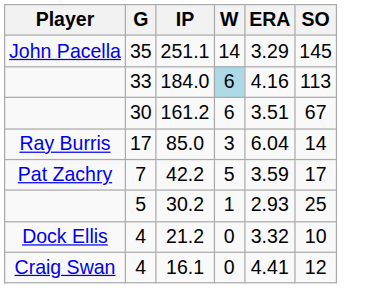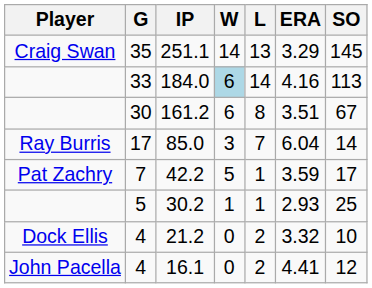 <table class="wikitable sortable">
 <tr>
 <th>Player</th>
 <th>G</th>
 <th>IP</th>
 <th>W</th>
+<th>L</th>
 <th>ERA</th>
 <th>SO</th>
 </tr>
 <tr style="text-align:center;">
-<td><a href='#'>John Pacella</a></td>
+<td><a href='#'>Craig Swan</a></td>
 <td>35</td>
 <td>251.1</td>
 <td>14</td>
+<td>13</td>
 <td>3.29</td>
 <td>145</td>
 </tr>
 <tr align=center>
 <td></td>
 <td>33</td>
 <td>184.0</td>
 <td style="background: lightblue;">6</td>
+<td>14</td>
 <td>4.16</td>
 <td>113</td>
 </tr>
 <tr style="text-align:center;">
 <td></td>
 <td>30</td>
 <td>161.2</td>
 <td>6</td>
+<td>8</td>
 <td>3.51</td>
 <td>67</td>
 </tr>
 <tr style="text-align:center;">
 <td><a href='#'>Ray Burris</a></td>
 <td>17</td>
 <td>85.0</td>
 <td>3</td>
+<td>7</td>
 <td>6.04</td>
 <td>14</td>
 </tr>
 <tr align=center>
 <td><a href='#'>Pat Zachry</a></td>
 <td>7</td>
 <td>42.2</td>
 <td>5</td>
+<td>1</td>
 <td>3.59</td>
 <td>17</td>
 </tr>
 <tr align=center>
 <td></td>
 <td>5</td>
 <td>30.2</td>
+<td>1</td>
 <td>1</td>
 <td>2.93</td>
 <td>25</td>
 </tr>
 <tr align=center>
 <td><a href='#'>Dock Ellis</a></td>
 <td>4</td>
 <td>21.2</td>
 <td>0</td>
+<td>2</td>
 <td>3.32</td>
 <td>10</td>
 </tr>
 <tr align=center>
-<td><a href='#'>Craig Swan</a></td>
+<td><a href='#'>John Pacella</a></td>
 <td>4</td>
 <td>16.1</td>
 <td>0</td>
+<td>2</td>
 <td>4.41</td>
 <td>12</td>
 </tr>
 </table>
